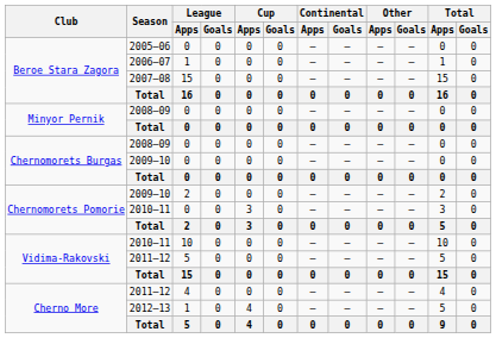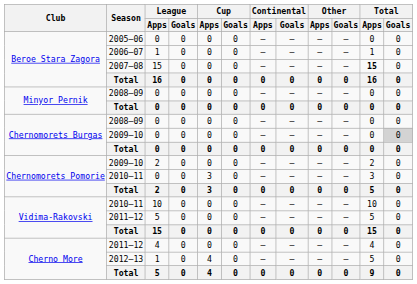 <table class="wikitable" style="font-size:90%; text-align: center">
 <tr>
 <th rowspan=2>Club</th>
 <th rowspan=2>Season</th>
 <th colspan=2>League</th>
 <th colspan=2>Cup</th>
 <th colspan=2>Continental</th>
 <th colspan=2>Other</th>
 <th colspan=2>Total</th>
 </tr>
 <tr>
 <th>Apps</th>
 <th>Goals</th>
 <th>Apps</th>
 <th>Goals</th>
 <th>Apps</th>
 <th>Goals</th>
 <th>Apps</th>
 <th>Goals</th>
 <th>Apps</th>
 <th>Goals</th>
 </tr>
 <tr>
 <td rowspan=4><a href='#'>Beroe Stara Zagora</a></td>
 <td>2005–06</td>
 <td>0</td>
 <td>0</td>
 <td>0</td>
 <td>0</td>
 <td>—</td>
 <td>—</td>
 <td>—</td>
 <td>—</td>
 <td>0</td>
 <td>0</td>
 </tr>
 <tr>
 <td>2006–07</td>
 <td>1</td>
 <td>0</td>
 <td>0</td>
 <td>0</td>
 <td>—</td>
 <td>—</td>
 <td>—</td>
 <td>—</td>
 <td>1</td>
 <td>0</td>
 </tr>
 <tr>
 <td>2007–08</td>
 <td>15</td>
 <td>0</td>
 <td>0</td>
 <td>0</td>
 <td>—</td>
 <td>—</td>
 <td>—</td>
 <td>—</td>
-<td>15</td>
+<td><strong>15</strong></td>
 <td>0</td>
 </tr>
 <tr>
 <th>Total</th>
 <th>16</th>
 <th>0</th>
 <th>0</th>
 <th>0</th>
 <th>0</th>
 <th>0</th>
 <th>0</th>
 <th>0</th>
 <th>16</th>
 <th>0</th>
 </tr>
 <tr>
 <td rowspan=2><a href='#'>Minyor Pernik</a></td>
 <td>2008–09</td>
 <td>0</td>
 <td>0</td>
 <td>0</td>
 <td>0</td>
 <td>—</td>
 <td>—</td>
 <td>—</td>
 <td>—</td>
 <td>0</td>
 <td>0</td>
 </tr>
 <tr>
 <th>Total</th>
 <th>0</th>
 <th>0</th>
 <th>0</th>
 <th>0</th>
 <th>0</th>
 <th>0</th>
 <th>0</th>
 <th>0</th>
 <th>0</th>
 <th>0</th>
 </tr>
 <tr>
 <td rowspan=3><a href='#'>Chernomorets Burgas</a></td>
 <td>2008–09</td>
 <td>0</td>
 <td>0</td>
 <td>0</td>
 <td>0</td>
 <td>—</td>
 <td>—</td>
 <td>—</td>
 <td>—</td>
 <td>0</td>
 <td>0</td>
 </tr>
 <tr>
 <td>2009–10</td>
 <td>0</td>
 <td>0</td>
 <td>0</td>
 <td>0</td>
 <td>—</td>
 <td>—</td>
 <td>—</td>
 <td>—</td>
 <td>0</td>
-<td>0</td>
+<td style="background: lightgrey;">0</td>
 </tr>
 <tr>
 <th>Total</th>
 <th>0</th>
 <th>0</th>
 <th>0</th>
 <th>0</th>
 <th>0</th>
 <th>0</th>
 <th>0</th>
 <th>0</th>
 <th>0</th>
 <th>0</th>
 </tr>
 <tr>
 <td rowspan=3><a href='#'>Chernomorets Pomorie</a></td>
 <td>2009–10</td>
 <td>2</td>
 <td>0</td>
 <td>0</td>
 <td>0</td>
 <td>—</td>
 <td>—</td>
 <td>—</td>
 <td>—</td>
 <td>2</td>
 <td>0</td>
 </tr>
 <tr>
 <td>2010–11</td>
 <td>0</td>
 <td>0</td>
 <td>3</td>
 <td>0</td>
 <td>—</td>
 <td>—</td>
 <td>—</td>
 <td>—</td>
 <td>3</td>
 <td>0</td>
 </tr>
 <tr>
 <th>Total</th>
 <th>2</th>
 <th>0</th>
 <th>3</th>
 <th>0</th>
 <th>0</th>
 <th>0</th>
 <th>0</th>
 <th>0</th>
 <th>5</th>
 <th>0</th>
 </tr>
 <tr>
 <td rowspan=3><a href='#'>Vidima-Rakovski</a></td>
 <td>2010–11</td>
 <td>10</td>
 <td>0</td>
 <td>0</td>
 <td>0</td>
 <td>—</td>
 <td>—</td>
 <td>—</td>
 <td>—</td>
 <td>10</td>
 <td>0</td>
 </tr>
 <tr>
 <td>2011–12</td>
 <td>5</td>
 <td>0</td>
 <td>0</td>
 <td>0</td>
 <td>—</td>
 <td>—</td>
 <td>—</td>
 <td>—</td>
 <td>5</td>
 <td>0</td>
 </tr>
 <tr>
 <th>Total</th>
 <th>15</th>
 <th>0</th>
 <th>0</th>
 <th>0</th>
 <th>0</th>
 <th>0</th>
 <th>0</th>
 <th>0</th>
 <th>15</th>
 <th>0</th>
 </tr>
 <tr>
 <td rowspan=3><a href='#'>Cherno More</a></td>
 <td>2011–12</td>
 <td>4</td>
 <td>0</td>
 <td>0</td>
 <td>0</td>
 <td>—</td>
 <td>—</td>
 <td>—</td>
 <td>—</td>
 <td>4</td>
 <td>0</td>
 </tr>
 <tr>
 <td>2012–13</td>
 <td>1</td>
 <td>0</td>
 <td>4</td>
 <td>0</td>
 <td>—</td>
 <td>—</td>
 <td>—</td>
 <td>—</td>
 <td>5</td>
 <td>0</td>
 </tr>
 <tr>
 <th>Total</th>
 <th>5</th>
 <th>0</th>
 <th>4</th>
 <th>0</th>
 <th>0</th>
 <th>0</th>
 <th>0</th>
 <th>0</th>
 <th>9</th>
 <th>0</th>
 </tr>
 </table>
